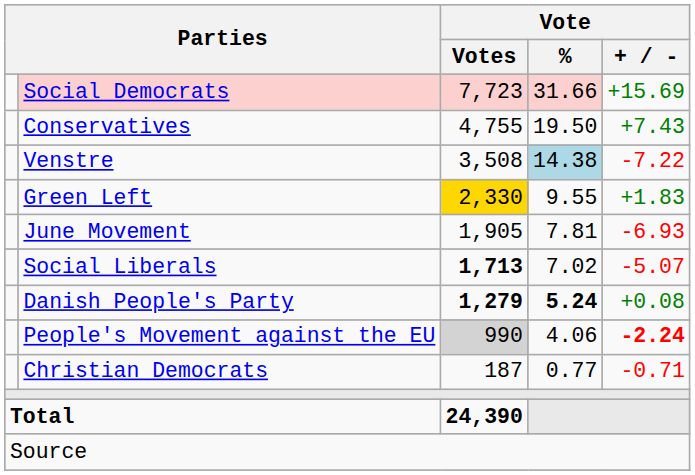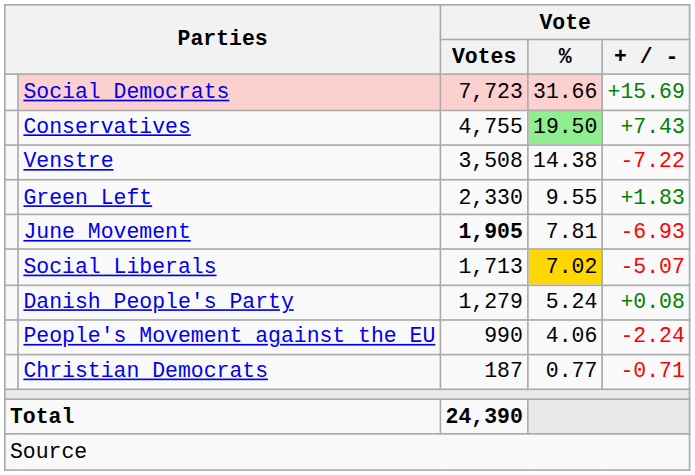 <table class="wikitable" style="text-align:right;">
 <tr>
 <th style="text-align:centre;" rowspan="2" colspan="2" width="225">Parties</th>
 <th colspan="3">Vote</th>
 </tr>
 <tr>
 <th width="15">Votes</th>
 <th width="15">%</th>
 <th width="15">+ / -</th>
 </tr>
 <tr>
 <td width="2" style="color:inherit;background:"></td>
 <td bgcolor=#fbd0ce   align="left"><a href='#'>Social Democrats</a></td>
 <td bgcolor=#fbd0ce>7,723</td>
 <td bgcolor=#fbd0ce>31.66</td>
 <td style=color:green;>+15.69</td>
 </tr>
 <tr>
 <td width="2" style="color:inherit;background:"></td>
 <td align="left"><a href='#'>Conservatives</a></td>
 <td>4,755</td>
-<td>19.50</td>
+<td style="background: lightgreen;">19.50</td>
 <td style=color:green;>+7.43</td>
 </tr>
 <tr>
 <td width="2" style="color:inherit;background:"></td>
 <td align="left"><a href='#'>Venstre</a></td>
 <td>3,508</td>
-<td style="background: lightblue;">14.38</td>
+<td>14.38</td>
 <td style=color:red;>-7.22</td>
 </tr>
 <tr>
 <td width="2" style="color:inherit;background:"></td>
 <td align="left"><a href='#'>Green Left</a></td>
-<td style="background: gold;">2,330</td>
+<td>2,330</td>
 <td>9.55</td>
 <td style=color:green;>+1.83</td>
 </tr>
 <tr>
 <td width="2" style="color:inherit;background:"></td>
 <td align="left"><a href='#'>June Movement</a></td>
-<td>1,905</td>
+<td><strong>1,905</strong></td>
 <td>7.81</td>
 <td style=color:red;>-6.93</td>
 </tr>
 <tr>
 <td width="2" style="color:inherit;background:"></td>
 <td align="left"><a href='#'>Social Liberals</a></td>
-<td><strong>1,713</strong></td>
-<td>7.02</td>
+<td>1,713</td>
+<td style="background: gold;">7.02</td>
 <td style=color:red;>-5.07</td>
 </tr>
 <tr>
 <td width="2" style="color:inherit;background:"></td>
 <td align="left"><a href='#'>Danish People's Party</a></td>
-<td><strong>1,279</strong></td>
-<td><strong>5.24</strong></td>
+<td>1,279</td>
+<td>5.24</td>
 <td style=color:green;>+0.08</td>
 </tr>
 <tr>
 <td width="2" style="color:inherit;background:"></td>
 <td align="left"><a href='#'>People's Movement against the EU</a></td>
-<td style="background: lightgrey;">990</td>
+<td>990</td>
 <td>4.06</td>
-<td style=color:red;><strong>-2.24</strong></td>
+<td style=color:red;>-2.24</td>
 </tr>
 <tr>
 <td width="2" style="color:inherit;background:"></td>
 <td align="left"><a href='#'>Christian Democrats</a></td>
 <td>187</td>
 <td>0.77</td>
 <td style=color:red;>-0.71</td>
 </tr>
 <tr>
 <td colspan="7" bgcolor="#E9E9E9"></td>
 </tr>
 <tr>
 <td align="left" colspan="2"><strong>Total</strong></td>
 <td><strong>24,390</strong></td>
 <td bgcolor="#E9E9E9" colspan="2"></td>
 </tr>
 <tr>
 <td align="left" colspan="6">Source</td>
 </tr>
 </table>
